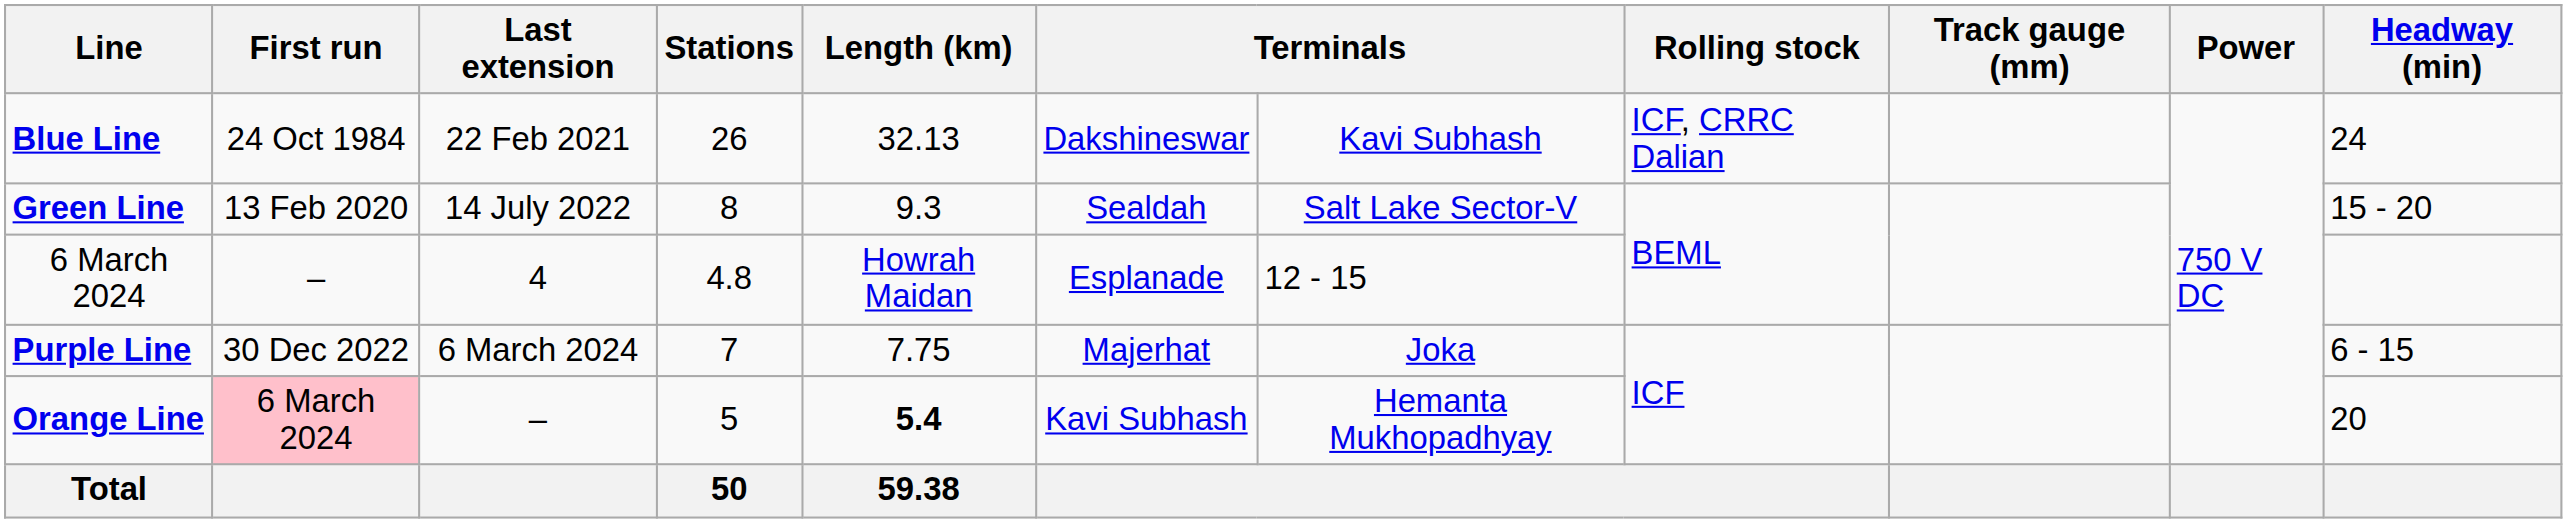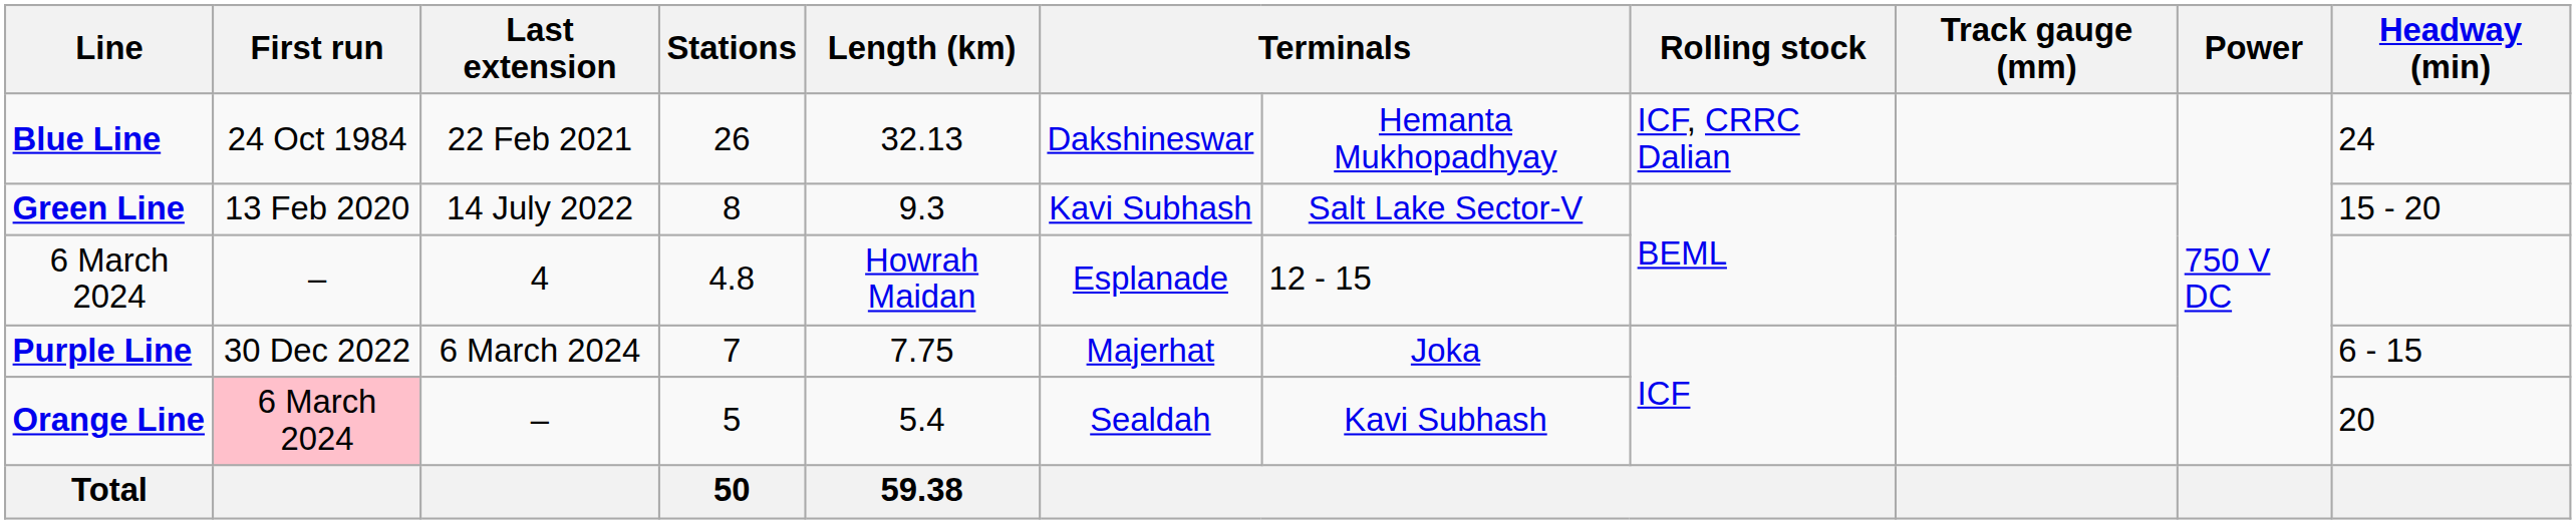 <table class="wikitable sortable">
 <tr>
 <th>Line</th>
 <th>First run</th>
 <th>Last extension</th>
 <th>Stations</th>
 <th>Length (km)</th>
 <th colspan="2">Terminals</th>
 <th>Rolling stock</th>
 <th>Track gauge (mm)</th>
 <th>Power</th>
 <th><a href='#'>Headway</a> (min)</th>
 </tr>
 <tr>
 <td style="background:#"><strong><a href='#'><span>Blue Line</span></a></strong></td>
 <td style="text-align: center;">24 Oct 1984</td>
 <td style="text-align: center;">22 Feb 2021</td>
 <td style="text-align: center;">26</td>
 <td style="text-align: center;">32.13</td>
 <td style="text-align: center;"><a href='#'>Dakshineswar</a></td>
-<td style="text-align: center;"><a href='#'>Kavi Subhash</a></td>
+<td style="text-align: center;"><a href='#'>Hemanta Mukhopadhyay</a></td>
 <td><a href='#'>ICF</a>, <a href='#'>CRRC Dalian</a></td>
 <td><a href='#'></a></td>
 <td rowspan="5"><a href='#'>750 V DC</a></td>
 <td>24</td>
 </tr>
 <tr>
 <td style="background:#"><strong><a href='#'><span>Green Line</span></a></strong></td>
 <td style="text-align: center;">13 Feb 2020</td>
 <td style="text-align: center;">14 July  2022</td>
 <td style="text-align: center;">8</td>
 <td style="text-align: center;">9.3</td>
-<td style="text-align: center;"><a href='#'>Sealdah</a></td>
+<td style="text-align: center;"><a href='#'>Kavi Subhash</a></td>
 <td style="text-align: center;"><a href='#'>Salt Lake Sector-V</a></td>
 <td rowspan="2"><a href='#'>BEML</a></td>
 <td rowspan="2"></td>
 <td>15 - 20</td>
 </tr>
 <tr>
 <td style="text-align: center;">6 March 2024</td>
 <td style="text-align: center;">–</td>
 <td style="text-align: center;">4</td>
 <td style="text-align: center;">4.8</td>
 <td style="text-align: center;"><a href='#'>Howrah Maidan</a></td>
 <td style="text-align: center;"><a href='#'>Esplanade</a></td>
 <td>12 - 15</td>
 </tr>
 <tr>
 <td style="background:#"><strong><a href='#'><span>Purple Line</span></a></strong></td>
 <td style="text-align: center;">30 Dec 2022</td>
 <td style="text-align: center;">6 March 2024</td>
 <td style="text-align: center;">7</td>
 <td style="text-align: center;">7.75</td>
 <td style="text-align: center;"><a href='#'>Majerhat</a></td>
 <td style="text-align: center;"><a href='#'>Joka</a></td>
 <td rowspan="2"><a href='#'>ICF</a></td>
 <td rowspan="2"><a href='#'></a></td>
 <td>6 - 15</td>
 </tr>
 <tr>
 <td style="background:#"><strong><a href='#'><span>Orange Line</span></a></strong></td>
 <td style="background: pink; text-align: center;">6 March 2024</td>
 <td style="text-align: center;">–</td>
 <td style="text-align: center;">5</td>
-<td style="text-align: center;"><strong>5.4</strong></td>
+<td style="text-align: center;">5.4</td>
+<td style="text-align: center;"><a href='#'>Sealdah</a></td>
 <td style="text-align: center;"><a href='#'>Kavi Subhash</a></td>
-<td style="text-align: center;"><a href='#'>Hemanta Mukhopadhyay</a></td>
 <td>20</td>
 </tr>
 <tr>
 <th style="text-align:center;"><strong>Total</strong></th>
 <th style="text-align:center;"></th>
 <th style="text-align:center;"></th>
 <th style="text-align:center;"><strong>50</strong></th>
 <th style="text-align:center;"><strong>59.38</strong></th>
 <th colspan="3"></th>
 <th></th>
 <th></th>
 <th></th>
 </tr>
 </table>
